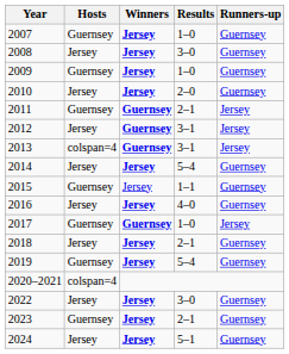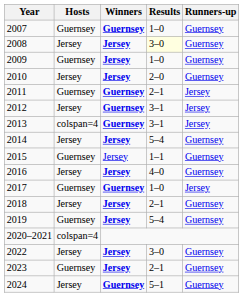 <table class="wikitable">
 <tr>
 <th>Year</th>
 <th>Hosts</th>
 <th>Winners</th>
 <th>Results</th>
 <th>Runners-up</th>
 </tr>
 <tr>
 <td>2007</td>
 <td>Guernsey</td>
-<td> <strong><a href='#'>Jersey</a></strong></td>
+<td> <strong><a href='#'>Guernsey</a></strong></td>
 <td>1–0</td>
 <td> <a href='#'>Guernsey</a></td>
 </tr>
 <tr>
 <td>2008</td>
 <td>Jersey</td>
 <td> <strong><a href='#'>Jersey</a></strong></td>
-<td>3–0</td>
+<td style="background: lightyellow;">3–0</td>
 <td> <a href='#'>Guernsey</a></td>
 </tr>
 <tr>
 <td>2009</td>
 <td>Guernsey</td>
 <td> <strong><a href='#'>Jersey</a></strong></td>
 <td>1–0</td>
 <td> <a href='#'>Guernsey</a></td>
 </tr>
 <tr>
 <td>2010</td>
 <td>Jersey</td>
 <td> <strong><a href='#'>Jersey</a></strong></td>
 <td>2–0</td>
 <td> <a href='#'>Guernsey</a></td>
 </tr>
 <tr>
 <td>2011</td>
 <td>Guernsey</td>
 <td> <strong><a href='#'>Guernsey</a></strong></td>
 <td>2–1</td>
 <td> <a href='#'>Jersey</a></td>
 </tr>
 <tr>
 <td>2012</td>
 <td>Jersey</td>
 <td> <strong><a href='#'>Guernsey</a></strong></td>
 <td>3–1</td>
 <td> <a href='#'>Jersey</a></td>
 </tr>
 <tr>
 <td>2013</td>
 <td>colspan=4</td>
 <td> <strong><a href='#'>Guernsey</a></strong></td>
 <td>3–1</td>
 <td> <a href='#'>Jersey</a></td>
 </tr>
 <tr>
 <td>2014</td>
 <td>Jersey</td>
 <td> <strong><a href='#'>Jersey</a></strong></td>
 <td>5–4</td>
 <td> <a href='#'>Guernsey</a></td>
 </tr>
 <tr>
 <td>2015</td>
 <td>Guernsey</td>
 <td> <a href='#'>Jersey</a></td>
 <td>1–1</td>
 <td> <a href='#'>Guernsey</a></td>
 </tr>
 <tr>
 <td>2016</td>
 <td>Jersey</td>
 <td> <strong><a href='#'>Jersey</a></strong></td>
 <td>4–0</td>
 <td> <a href='#'>Guernsey</a></td>
 </tr>
 <tr>
 <td>2017</td>
 <td>Guernsey</td>
 <td> <strong><a href='#'>Guernsey</a></strong></td>
 <td>1–0</td>
 <td> <a href='#'>Jersey</a></td>
 </tr>
 <tr>
 <td>2018</td>
 <td>Jersey</td>
 <td> <strong><a href='#'>Jersey</a></strong></td>
 <td>2–1</td>
 <td> <a href='#'>Guernsey</a></td>
 </tr>
 <tr>
 <td>2019</td>
 <td>Guernsey</td>
 <td> <strong><a href='#'>Jersey</a></strong></td>
 <td>5–4</td>
 <td> <a href='#'>Guernsey</a></td>
 </tr>
 <tr>
 <td>2020–2021</td>
 <td>colspan=4</td>
 </tr>
 <tr>
 <td>2022</td>
 <td>Jersey</td>
 <td> <strong><a href='#'>Jersey</a></strong></td>
 <td>3–0</td>
 <td> <a href='#'>Guernsey</a></td>
 </tr>
 <tr>
 <td>2023</td>
 <td>Guernsey</td>
 <td> <strong><a href='#'>Jersey</a></strong></td>
 <td>2–1</td>
 <td> <a href='#'>Guernsey</a></td>
 </tr>
 <tr>
 <td>2024</td>
 <td>Jersey</td>
-<td> <strong><a href='#'>Jersey</a></strong></td>
+<td> <strong><a href='#'>Guernsey</a></strong></td>
 <td>5–1</td>
 <td> <a href='#'>Guernsey</a></td>
 </tr>
 </table>
